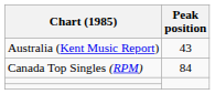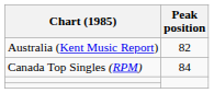 <table class="wikitable sortable">
 <tr>
 <th>Chart (1985)</th>
 <th>Peak<br>position</th>
 </tr>
 <tr>
 <td>Australia (<a href='#'>Kent Music Report</a>)</td>
-<td style="text-align:center;">43</td>
+<td style="text-align:center;">82</td>
 </tr>
 <tr>
 <td>Canada Top Singles <em>(<a href='#'>RPM</a>)</em></td>
 <td style="text-align:center;">84</td>
 </tr>
 <tr>
 <td></td>
 </tr>
 <tr>
 <td></td>
 </tr>
 </table>
